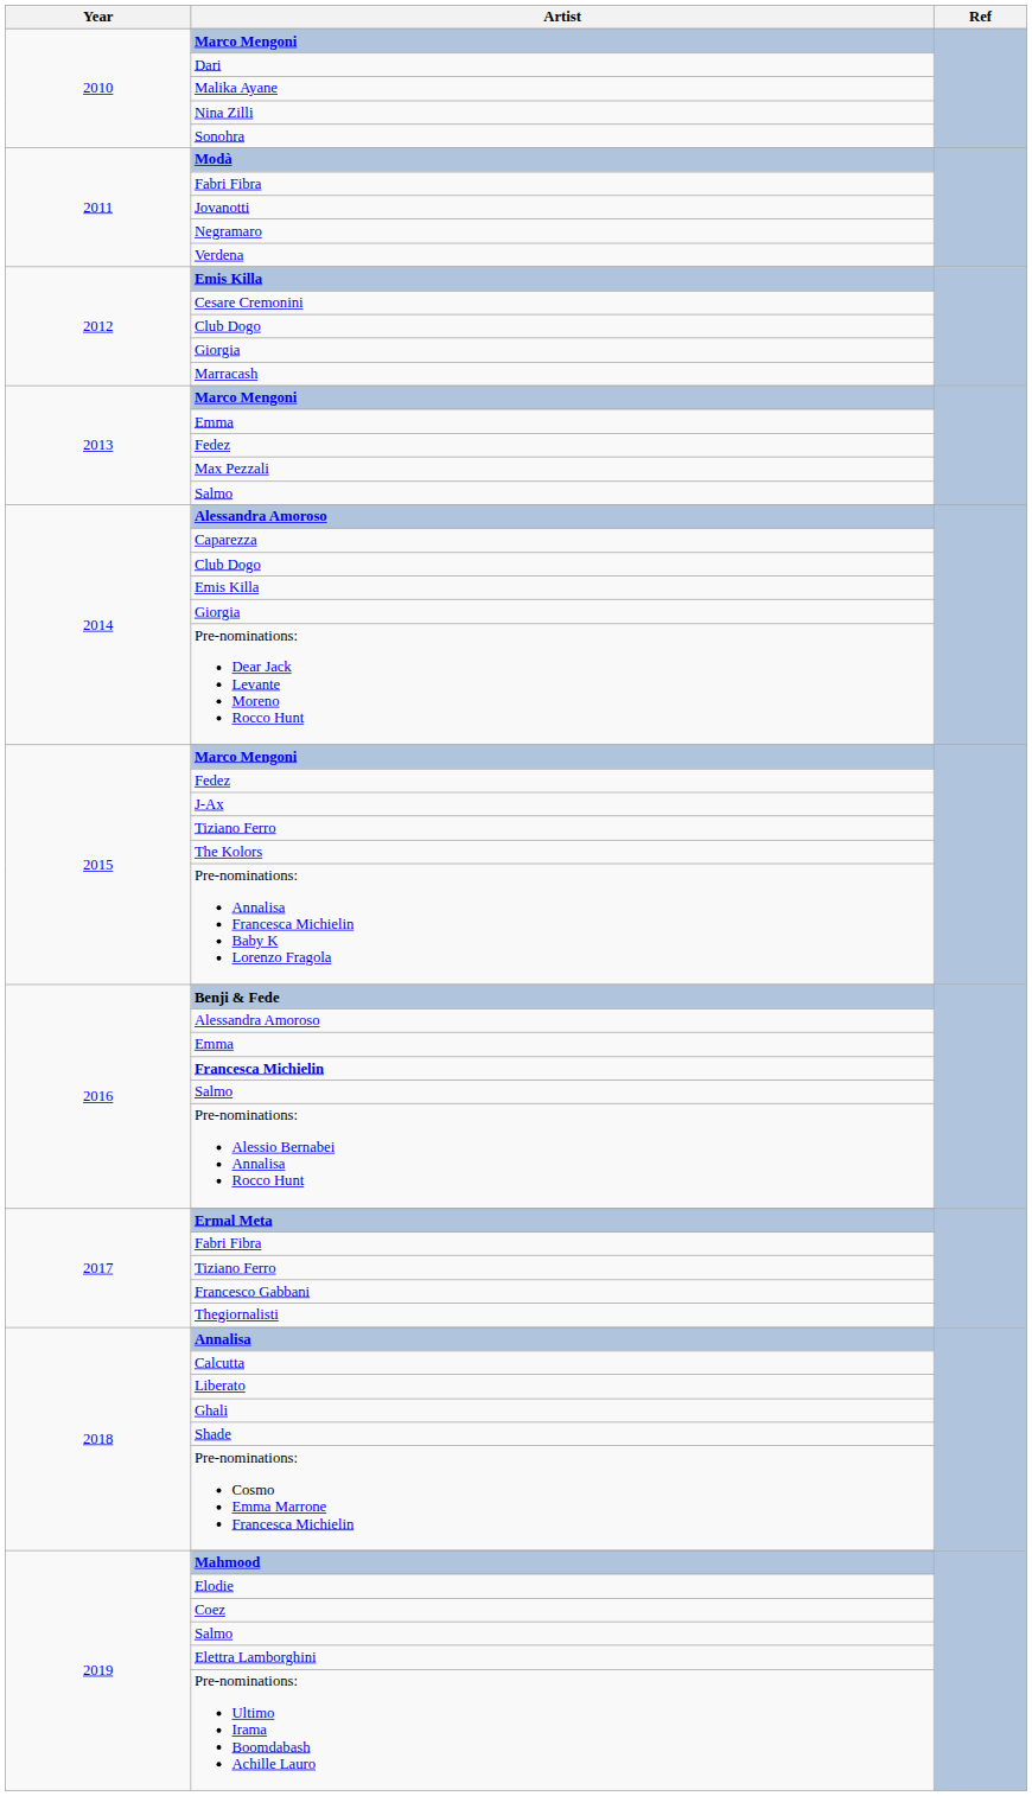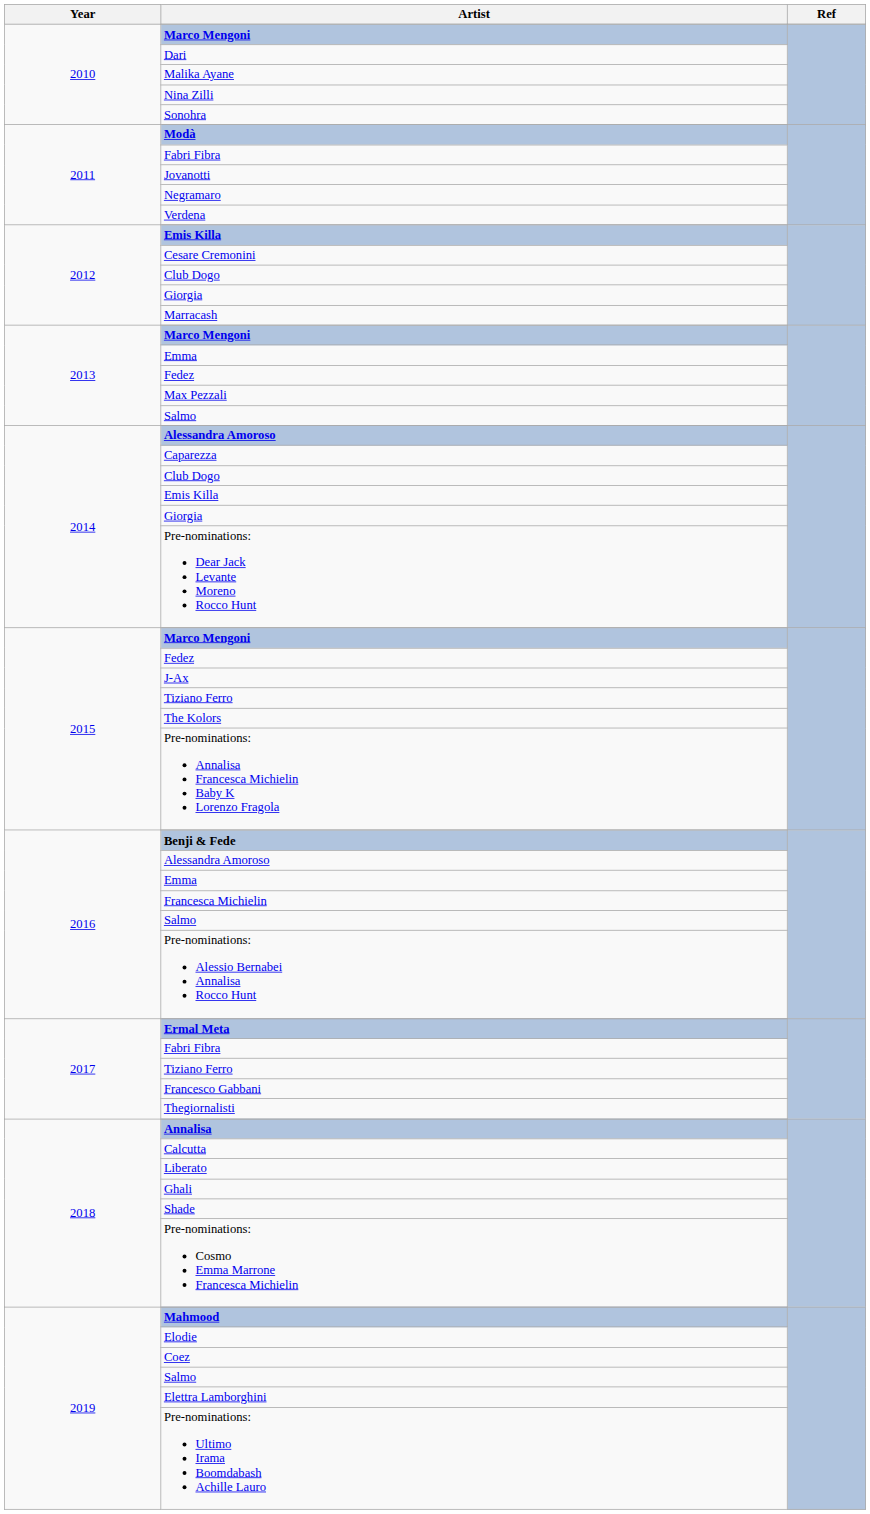 <table class="wikitable" style="width:55%;">
 <tr style="background:#bebebe;">
 <th style="width:10%;">Year</th>
 <th style="width:40%;">Artist</th>
 <th style="width:5%;">Ref</th>
 </tr>
 <tr>
 <td rowspan="6" align="center"><a href='#'>2010</a></td>
 </tr>
 <tr style="background:#B0C4DE">
 <td><strong><a href='#'>Marco Mengoni</a> </strong></td>
 <td rowspan="6" align="center"></td>
 </tr>
 <tr>
 <td><a href='#'>Dari</a></td>
 </tr>
 <tr>
 <td><a href='#'>Malika Ayane</a></td>
 </tr>
 <tr>
 <td><a href='#'>Nina Zilli</a></td>
 </tr>
 <tr>
 <td><a href='#'>Sonohra</a></td>
 </tr>
 <tr>
 <td rowspan="6" align="center"><a href='#'>2011</a></td>
 </tr>
 <tr style="background:#B0C4DE">
 <td><strong><a href='#'>Modà</a></strong></td>
 <td rowspan="6" align="center"></td>
 </tr>
 <tr>
 <td><a href='#'>Fabri Fibra</a></td>
 </tr>
 <tr>
 <td><a href='#'>Jovanotti</a></td>
 </tr>
 <tr>
 <td><a href='#'>Negramaro</a></td>
 </tr>
 <tr>
 <td><a href='#'>Verdena</a></td>
 </tr>
 <tr>
 <td rowspan="6" align="center"><a href='#'>2012</a></td>
 </tr>
 <tr style="background:#B0C4DE">
 <td><strong><a href='#'>Emis Killa</a></strong></td>
 <td rowspan="6" align="center"></td>
 </tr>
 <tr>
 <td><a href='#'>Cesare Cremonini</a></td>
 </tr>
 <tr>
 <td><a href='#'>Club Dogo</a></td>
 </tr>
 <tr>
 <td><a href='#'>Giorgia</a></td>
 </tr>
 <tr>
 <td><a href='#'>Marracash</a></td>
 </tr>
 <tr>
 <td rowspan="6" align="center"><a href='#'>2013</a></td>
 </tr>
 <tr style="background:#B0C4DE">
 <td><strong><a href='#'>Marco Mengoni</a></strong></td>
 <td rowspan="6" align="center"></td>
 </tr>
 <tr>
 <td><a href='#'>Emma</a></td>
 </tr>
 <tr>
 <td><a href='#'>Fedez</a></td>
 </tr>
 <tr>
 <td><a href='#'>Max Pezzali</a></td>
 </tr>
 <tr>
 <td><a href='#'>Salmo</a></td>
 </tr>
 <tr>
 <td rowspan="7" align="center"><a href='#'>2014</a></td>
 </tr>
 <tr style="background:#B0C4DE">
 <td><strong><a href='#'>Alessandra Amoroso</a></strong></td>
 <td rowspan="7" align="center"></td>
 </tr>
 <tr>
 <td><a href='#'>Caparezza</a></td>
 </tr>
 <tr>
 <td><a href='#'>Club Dogo</a></td>
 </tr>
 <tr>
 <td><a href='#'>Emis Killa</a></td>
 </tr>
 <tr>
 <td><a href='#'>Giorgia</a></td>
 </tr>
 <tr>
 <td>Pre-nominations:<br><ul><li><a href='#'>Dear Jack</a></li><li><a href='#'>Levante</a></li><li><a href='#'>Moreno</a></li><li><a href='#'>Rocco Hunt</a></li></ul></td>
 </tr>
 <tr>
 <td rowspan="7" align="center"><a href='#'>2015</a></td>
 </tr>
 <tr style="background:#B0C4DE">
 <td><strong><a href='#'>Marco Mengoni</a></strong></td>
 <td rowspan="7" align="center"></td>
 </tr>
 <tr>
 <td><a href='#'>Fedez</a></td>
 </tr>
 <tr>
 <td><a href='#'>J-Ax</a></td>
 </tr>
 <tr>
 <td><a href='#'>Tiziano Ferro</a></td>
 </tr>
 <tr>
 <td><a href='#'>The Kolors</a></td>
 </tr>
 <tr>
 <td>Pre-nominations:<br><ul><li><a href='#'>Annalisa</a></li><li><a href='#'>Francesca Michielin</a></li><li><a href='#'>Baby K</a></li><li><a href='#'>Lorenzo Fragola</a></li></ul></td>
 </tr>
 <tr>
 <td rowspan="7" align="center"><a href='#'>2016</a></td>
 </tr>
 <tr style="background:#B0C4DE">
 <td><strong>Benji & Fede</strong></td>
 <td rowspan="7" align="center"></td>
 </tr>
 <tr>
 <td><a href='#'>Alessandra Amoroso</a></td>
 </tr>
 <tr>
 <td><a href='#'>Emma</a></td>
 </tr>
 <tr>
-<td><strong><a href='#'>Francesca Michielin</a></strong></td>
+<td><a href='#'>Francesca Michielin</a></td>
 </tr>
 <tr>
 <td><a href='#'>Salmo</a></td>
 </tr>
 <tr>
 <td>Pre-nominations:<br><ul><li><a href='#'>Alessio Bernabei</a></li><li><a href='#'>Annalisa</a></li><li><a href='#'>Rocco Hunt</a></li></ul></td>
 </tr>
 <tr>
 <td rowspan="6" align="center"><a href='#'>2017</a></td>
 </tr>
 <tr style="background:#B0C4DE">
 <td><strong><a href='#'>Ermal Meta</a></strong></td>
 <td rowspan="6" align="center"></td>
 </tr>
 <tr>
 <td><a href='#'>Fabri Fibra</a></td>
 </tr>
 <tr>
 <td><a href='#'>Tiziano Ferro</a></td>
 </tr>
 <tr>
 <td><a href='#'>Francesco Gabbani</a></td>
 </tr>
 <tr>
 <td><a href='#'>Thegiornalisti</a></td>
 </tr>
 <tr>
 <td rowspan="7" align="center"><a href='#'>2018</a></td>
 </tr>
 <tr style="background:#B0C4DE">
 <td><strong><a href='#'>Annalisa</a></strong></td>
 <td rowspan="7" align="center"></td>
 </tr>
 <tr>
 <td><a href='#'>Calcutta</a></td>
 </tr>
 <tr>
 <td><a href='#'>Liberato</a></td>
 </tr>
 <tr>
 <td><a href='#'>Ghali</a></td>
 </tr>
 <tr>
 <td><a href='#'>Shade</a></td>
 </tr>
 <tr>
 <td>Pre-nominations:<br><ul><li>Cosmo</li><li><a href='#'>Emma Marrone</a></li><li><a href='#'>Francesca Michielin</a></li></ul></td>
 </tr>
 <tr>
 <td rowspan="7" align="center"><a href='#'>2019</a></td>
 </tr>
 <tr style="background:#B0C4DE">
 <td><strong><a href='#'>Mahmood</a></strong></td>
 <td rowspan="7" align="center"></td>
 </tr>
 <tr>
 <td><a href='#'>Elodie</a></td>
 </tr>
 <tr>
 <td><a href='#'>Coez</a></td>
 </tr>
 <tr>
 <td><a href='#'>Salmo</a></td>
 </tr>
 <tr>
 <td><a href='#'>Elettra Lamborghini</a></td>
 </tr>
 <tr>
 <td>Pre-nominations:<br><ul><li><a href='#'>Ultimo</a></li><li><a href='#'>Irama</a></li><li><a href='#'>Boomdabash</a></li><li><a href='#'>Achille Lauro</a></li></ul></td>
 </tr>
 </table>
